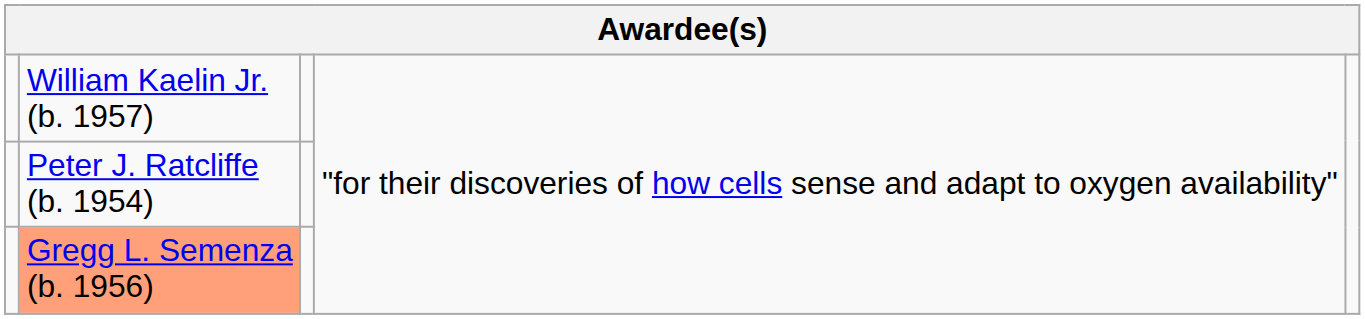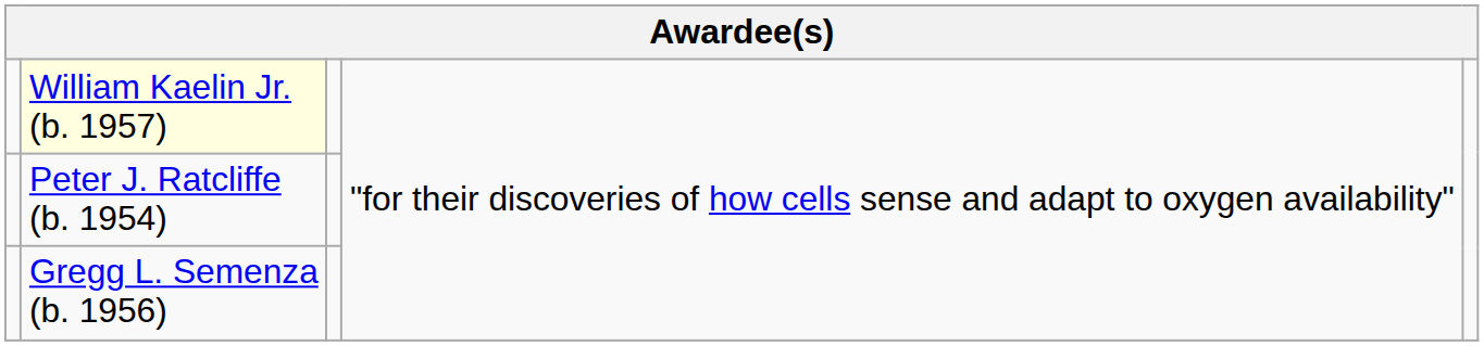 <table class="wikitable">
 <tr>
 <th colspan="5">Awardee(s)</th>
 </tr>
 <tr>
 <td></td>
-<td><a href='#'>William Kaelin Jr.</a><br>(b. 1957)</td>
+<td style="background: lightyellow;"><a href='#'>William Kaelin Jr.</a><br>(b. 1957)</td>
 <td></td>
 <td rowspan="3">"for their discoveries of <a href='#'>how cells</a> sense and adapt to oxygen availability"</td>
 <td rowspan="3"></td>
 </tr>
 <tr>
 <td></td>
 <td><a href='#'>Peter J. Ratcliffe</a><br>(b. 1954)</td>
 <td></td>
 </tr>
 <tr>
 <td></td>
-<td style="background: lightsalmon;"><a href='#'>Gregg L. Semenza</a><br>(b. 1956)</td>
+<td><a href='#'>Gregg L. Semenza</a><br>(b. 1956)</td>
 <td></td>
 </tr>
 </table>
